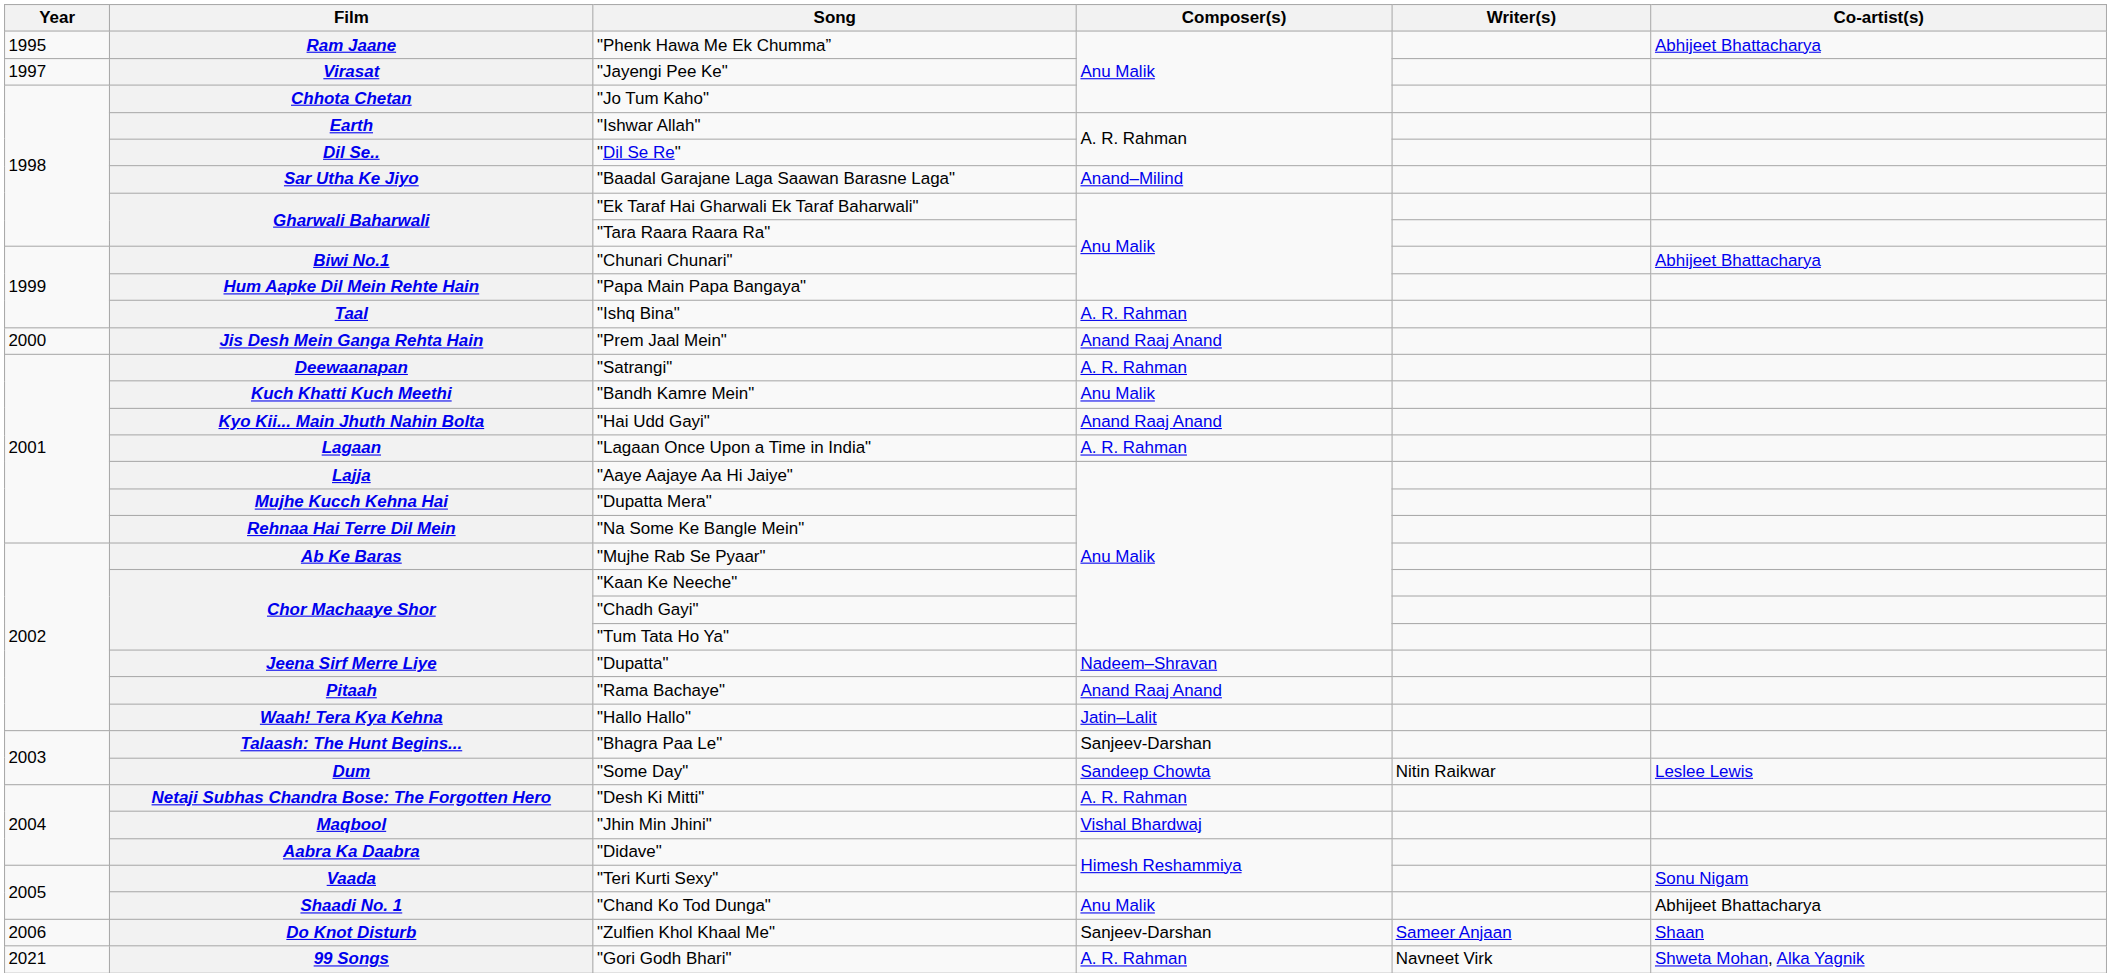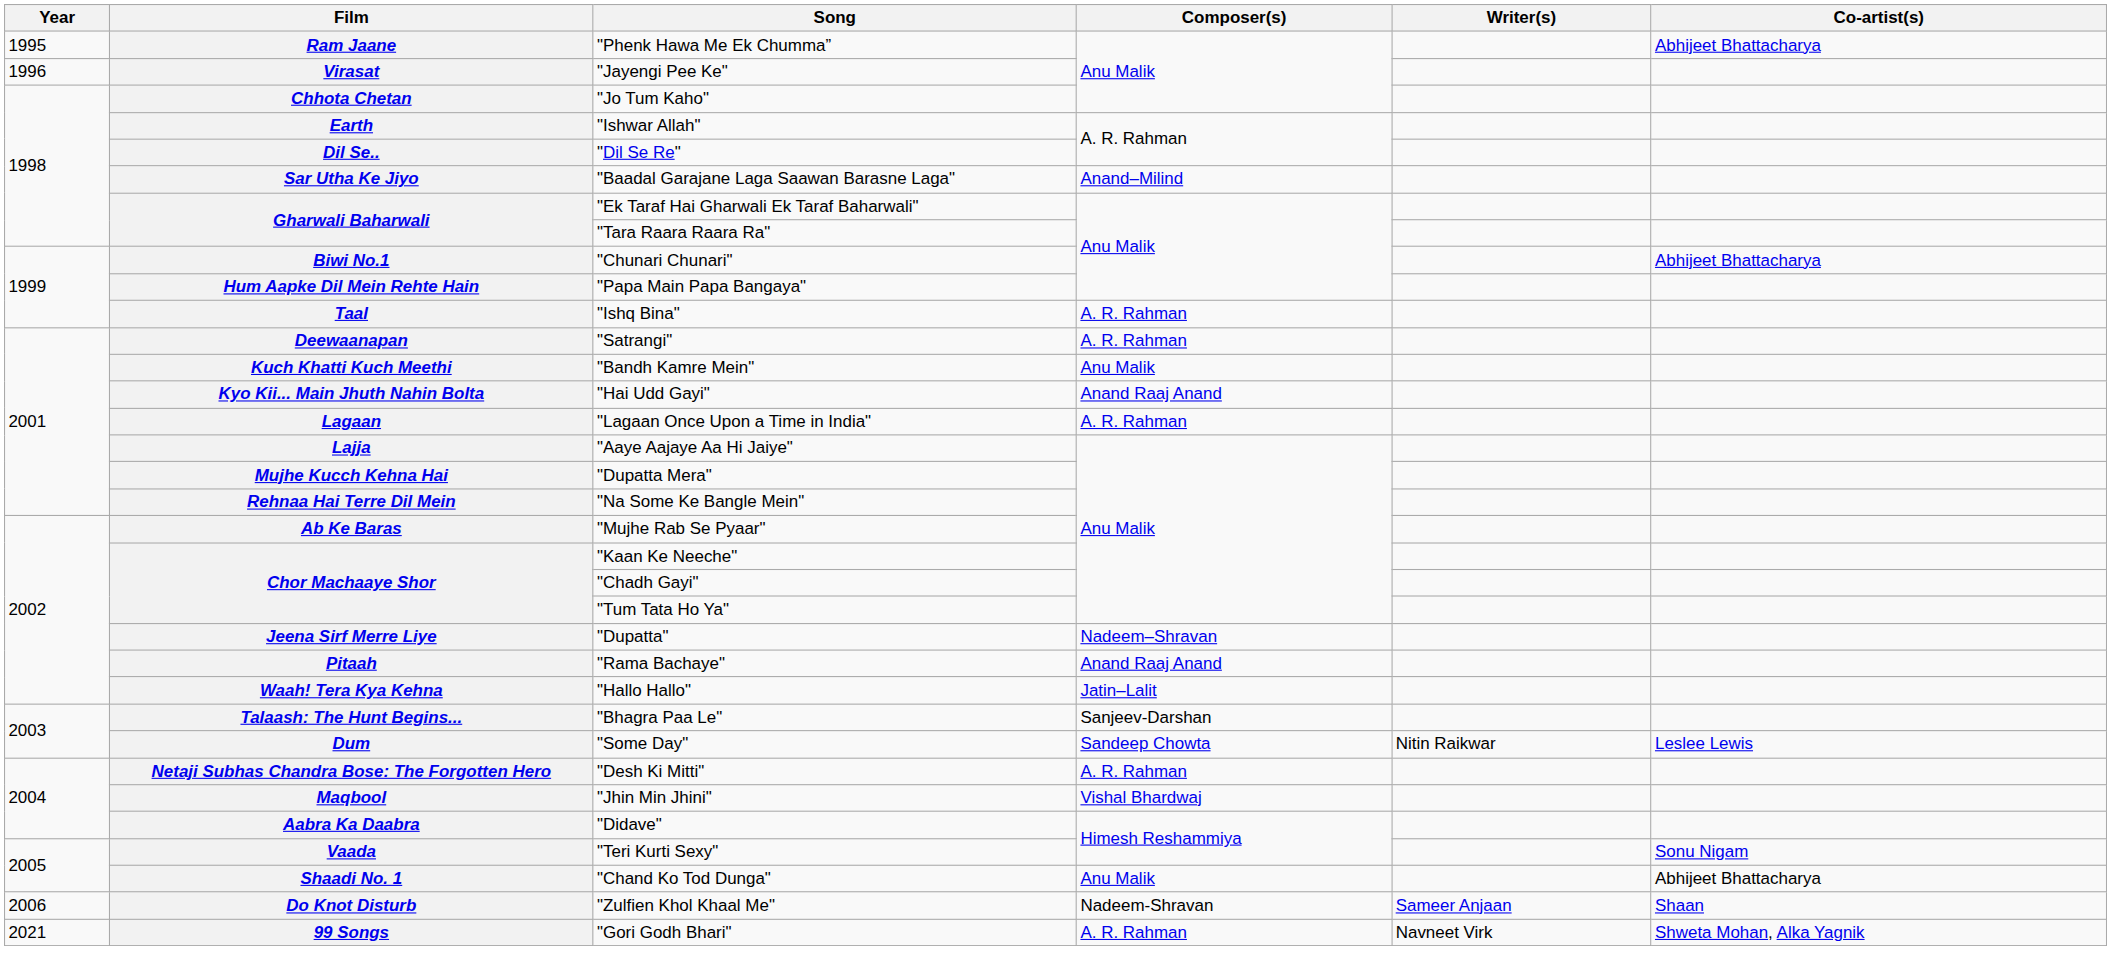 <table class="wikitable plainrowheaders" width="100%" textcolor:#000;">
 <tr style="background:#b0e0e66;">
 <th scope="col" width=5%><strong>Year</strong></th>
 <th scope="col" width=23%><strong>Film</strong></th>
 <th scope="col" width=23%><strong>Song</strong></th>
 <th scope="col" width=15%><strong>Composer(s)</strong></th>
 <th>Writer(s)</th>
 <th>Co-artist(s)</th>
 </tr>
 <tr>
 <td>1995</td>
 <th><em><a href='#'>Ram Jaane</a></em></th>
 <td>"Phenk Hawa Me Ek Chumma”</td>
 <td rowspan="3"><a href='#'>Anu Malik</a></td>
 <td></td>
 <td><a href='#'>Abhijeet Bhattacharya</a></td>
 </tr>
 <tr>
-<td>1997</td>
+<td>1996</td>
 <th><em><a href='#'>Virasat</a></em></th>
 <td>"Jayengi Pee Ke"</td>
 <td></td>
 <td></td>
 </tr>
 <tr>
 <td rowspan="6">1998</td>
 <th><em><a href='#'>Chhota Chetan</a></em></th>
 <td>"Jo Tum Kaho"</td>
 <td></td>
 <td></td>
 </tr>
 <tr>
 <th><em><a href='#'>Earth</a></em></th>
 <td>"Ishwar Allah"</td>
 <td rowspan="2">A. R. Rahman</td>
 <td></td>
 <td></td>
 </tr>
 <tr>
 <th><em><a href='#'>Dil Se..</a></em></th>
 <td>"<a href='#'>Dil Se Re</a>"</td>
 <td></td>
 <td></td>
 </tr>
 <tr>
 <th><em><a href='#'>Sar Utha Ke Jiyo</a></em></th>
 <td>"Baadal Garajane Laga Saawan Barasne Laga"</td>
 <td><a href='#'>Anand–Milind</a></td>
 <td></td>
 <td></td>
 </tr>
 <tr>
 <th Rowspan="2"><em><a href='#'>Gharwali Baharwali</a></em></th>
 <td>"Ek Taraf Hai Gharwali Ek Taraf Baharwali"</td>
 <td rowspan="4"><a href='#'>Anu Malik</a></td>
 <td></td>
 <td></td>
 </tr>
 <tr>
 <td>"Tara Raara Raara Ra"</td>
 <td></td>
 <td></td>
 </tr>
 <tr>
 <td rowspan="3">1999</td>
 <th><em><a href='#'>Biwi No.1</a></em></th>
 <td>"Chunari Chunari"</td>
 <td></td>
 <td><a href='#'>Abhijeet Bhattacharya</a></td>
 </tr>
 <tr>
 <th><em><a href='#'>Hum Aapke Dil Mein Rehte Hain</a></em></th>
 <td>"Papa Main Papa Bangaya"</td>
 <td></td>
 <td></td>
 </tr>
 <tr>
 <th><em><a href='#'>Taal</a></em></th>
 <td>"Ishq Bina"</td>
 <td><a href='#'>A. R. Rahman</a></td>
-<td></td>
-<td></td>
-</tr>
-<tr>
-<td>2000</td>
-<th><em><a href='#'>Jis Desh Mein Ganga Rehta Hain</a></em></th>
-<td>"Prem Jaal Mein"</td>
-<td><a href='#'>Anand Raaj Anand</a></td>
 <td></td>
 <td></td>
 </tr>
 <tr>
 <td rowspan="7">2001</td>
 <th><em><a href='#'>Deewaanapan</a></em></th>
 <td>"Satrangi"</td>
 <td><a href='#'>A. R. Rahman</a></td>
 <td></td>
 <td></td>
 </tr>
 <tr>
 <th><em><a href='#'>Kuch Khatti Kuch Meethi</a></em></th>
 <td>"Bandh Kamre Mein"</td>
 <td><a href='#'>Anu Malik</a></td>
 <td></td>
 <td></td>
 </tr>
 <tr>
 <th><em><a href='#'>Kyo Kii... Main Jhuth Nahin Bolta</a></em></th>
 <td>"Hai Udd Gayi"</td>
 <td><a href='#'>Anand Raaj Anand</a></td>
 <td></td>
 <td></td>
 </tr>
 <tr>
 <th><em><a href='#'>Lagaan</a></em></th>
 <td>"Lagaan Once Upon a Time in India"</td>
 <td><a href='#'>A. R. Rahman</a></td>
 <td></td>
 <td></td>
 </tr>
 <tr>
 <th><em><a href='#'>Lajja</a></em></th>
 <td>"Aaye Aajaye Aa Hi Jaiye"</td>
 <td rowspan="7"><a href='#'>Anu Malik</a></td>
 <td></td>
 <td></td>
 </tr>
 <tr>
 <th><em><a href='#'>Mujhe Kucch Kehna Hai</a></em></th>
 <td>"Dupatta Mera"</td>
 <td></td>
 <td></td>
 </tr>
 <tr>
 <th><em><a href='#'>Rehnaa Hai Terre Dil Mein</a></em></th>
 <td>"Na Some Ke Bangle Mein"</td>
 <td></td>
 <td></td>
 </tr>
 <tr>
 <td rowspan="7">2002</td>
 <th><em><a href='#'>Ab Ke Baras</a></em></th>
 <td>"Mujhe Rab Se Pyaar"</td>
 <td></td>
 <td></td>
 </tr>
 <tr>
 <th rowspan="3"><em><a href='#'>Chor Machaaye Shor</a></em></th>
 <td>"Kaan Ke Neeche"</td>
 <td></td>
 <td></td>
 </tr>
 <tr>
 <td>"Chadh Gayi"</td>
 <td></td>
 <td></td>
 </tr>
 <tr>
 <td>"Tum Tata Ho Ya"</td>
 <td></td>
 <td></td>
 </tr>
 <tr>
 <th><em><a href='#'>Jeena Sirf Merre Liye</a></em></th>
 <td>"Dupatta"</td>
 <td><a href='#'>Nadeem–Shravan</a></td>
 <td></td>
 <td></td>
 </tr>
 <tr>
 <th><em><a href='#'>Pitaah</a></em></th>
 <td>"Rama Bachaye"</td>
 <td><a href='#'>Anand Raaj Anand</a></td>
 <td></td>
 <td></td>
 </tr>
 <tr>
 <th><em><a href='#'>Waah! Tera Kya Kehna</a></em></th>
 <td>"Hallo Hallo"</td>
 <td><a href='#'>Jatin–Lalit</a></td>
 <td></td>
 <td></td>
 </tr>
 <tr>
 <td rowspan="2">2003</td>
 <th><em><a href='#'>Talaash: The Hunt Begins...</a></em></th>
 <td>"Bhagra Paa Le"</td>
 <td>Sanjeev-Darshan</td>
 <td></td>
 <td></td>
 </tr>
 <tr>
 <th><em><a href='#'>Dum</a></em></th>
 <td>"Some Day"</td>
 <td><a href='#'>Sandeep Chowta</a></td>
 <td>Nitin Raikwar</td>
 <td><a href='#'>Leslee Lewis</a></td>
 </tr>
 <tr>
 <td rowspan="3">2004</td>
 <th><em><a href='#'>Netaji Subhas Chandra Bose: The Forgotten Hero</a></em></th>
 <td>"Desh Ki Mitti"</td>
 <td><a href='#'>A. R. Rahman</a></td>
 <td></td>
 <td></td>
 </tr>
 <tr>
 <th><em><a href='#'>Maqbool</a></em></th>
 <td>"Jhin Min Jhini"</td>
 <td><a href='#'>Vishal Bhardwaj</a></td>
 <td></td>
 <td></td>
 </tr>
 <tr>
 <th><em><a href='#'>Aabra Ka Daabra</a></em></th>
 <td>"Didave"</td>
 <td rowspan="2"><a href='#'>Himesh Reshammiya</a></td>
 <td></td>
 <td></td>
 </tr>
 <tr>
 <td rowspan="2”">2005</td>
 <th><em><a href='#'>Vaada</a></em></th>
 <td>"Teri Kurti Sexy"</td>
 <td></td>
 <td><a href='#'>Sonu Nigam</a></td>
 </tr>
 <tr>
 <th><em><a href='#'>Shaadi No. 1</a></em></th>
 <td>"Chand Ko Tod Dunga"</td>
 <td><a href='#'>Anu Malik</a></td>
 <td></td>
 <td>Abhijeet Bhattacharya</td>
 </tr>
 <tr>
 <td>2006</td>
 <th><em><a href='#'>Do Knot Disturb</a></em></th>
 <td>"Zulfien Khol Khaal Me"</td>
-<td>Sanjeev-Darshan</td>
+<td>Nadeem-Shravan</td>
 <td><a href='#'>Sameer Anjaan</a></td>
 <td><a href='#'>Shaan</a></td>
 </tr>
 <tr>
 <td>2021</td>
 <th><em><a href='#'>99 Songs</a></em></th>
 <td>"Gori Godh Bhari"</td>
 <td><a href='#'>A. R. Rahman</a></td>
 <td>Navneet Virk</td>
 <td><a href='#'>Shweta Mohan</a>, <a href='#'>Alka Yagnik</a></td>
 </tr>
 <tr>
 </tr>
 </table>
